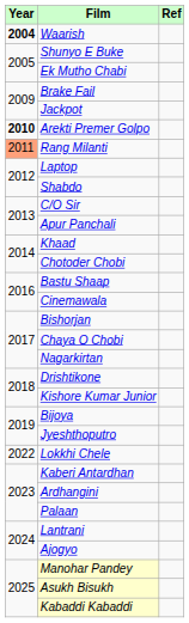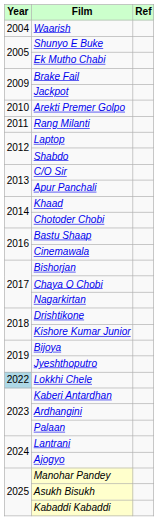 <table class="wikitable">
 <tr>
 <th style="background:#cfc; text-align:center;"><strong>Year</strong></th>
 <th style="background:#cfc; text-align:center;"><strong>Film</strong></th>
 <th style="background:#cfc; text-align:center;"><strong>Ref</strong></th>
 </tr>
 <tr>
-<td><strong>2004</strong></td>
+<td>2004</td>
 <td><em><a href='#'>Waarish</a></em></td>
 <td></td>
 </tr>
 <tr>
 <td rowspan="2">2005</td>
 <td><em><a href='#'>Shunyo E Buke</a></em></td>
 <td></td>
 </tr>
 <tr>
 <td><em><a href='#'>Ek Mutho Chabi</a></em></td>
 <td></td>
 </tr>
 <tr>
 <td rowspan="2">2009</td>
 <td><em><a href='#'>Brake Fail</a></em></td>
 <td></td>
 </tr>
 <tr>
 <td><em><a href='#'>Jackpot</a></em></td>
 <td></td>
 </tr>
 <tr>
-<td><strong>2010</strong></td>
+<td>2010</td>
 <td><em><a href='#'>Arekti Premer Golpo</a></em></td>
 <td></td>
 </tr>
 <tr>
-<td style="background: lightsalmon;">2011</td>
+<td>2011</td>
 <td><em><a href='#'>Rang Milanti</a></em></td>
 <td></td>
 </tr>
 <tr>
 <td rowspan="2">2012</td>
 <td><a href='#'><em>Laptop</em></a></td>
 <td></td>
 </tr>
 <tr>
 <td><em><a href='#'>Shabdo</a></em></td>
 <td></td>
 </tr>
 <tr>
 <td rowspan="2">2013</td>
 <td><em><a href='#'>C/O Sir</a></em></td>
 <td></td>
 </tr>
 <tr>
 <td><em><a href='#'>Apur Panchali</a></em></td>
 <td></td>
 </tr>
 <tr>
 <td rowspan="2">2014</td>
 <td><em><a href='#'>Khaad</a></em></td>
 <td></td>
 </tr>
 <tr>
 <td><em><a href='#'>Chotoder Chobi</a></em></td>
 <td></td>
 </tr>
 <tr>
 <td rowspan="2">2016</td>
 <td><em><a href='#'>Bastu Shaap</a></em></td>
 <td></td>
 </tr>
 <tr>
 <td><em><a href='#'>Cinemawala</a></em></td>
 <td></td>
 </tr>
 <tr>
 <td rowspan="3">2017</td>
 <td><em><a href='#'>Bishorjan</a></em></td>
 <td></td>
 </tr>
 <tr>
 <td><em><a href='#'>Chaya O Chobi</a></em></td>
 <td></td>
 </tr>
 <tr>
 <td><em><a href='#'>Nagarkirtan</a></em></td>
 <td></td>
 </tr>
 <tr>
 <td rowspan="2">2018</td>
 <td><em><a href='#'>Drishtikone</a></em></td>
 <td></td>
 </tr>
 <tr>
 <td><em><a href='#'>Kishore Kumar Junior</a></em></td>
 <td></td>
 </tr>
 <tr>
 <td rowspan="2">2019</td>
 <td><em><a href='#'>Bijoya</a></em></td>
 <td></td>
 </tr>
 <tr>
 <td><em><a href='#'>Jyeshthoputro</a></em></td>
 <td></td>
 </tr>
 <tr>
-<td>2022</td>
+<td style="background: lightblue;">2022</td>
 <td><em><a href='#'>Lokkhi Chele</a></em></td>
 <td></td>
 </tr>
 <tr>
 <td rowspan="3">2023</td>
 <td><em><a href='#'>Kaberi Antardhan</a></em></td>
 <td></td>
 </tr>
 <tr>
 <td><em><a href='#'>Ardhangini</a></em></td>
 <td></td>
 </tr>
 <tr>
 <td><em><a href='#'>Palaan</a></em></td>
 <td></td>
 </tr>
 <tr>
 <td rowspan="2">2024</td>
 <td><em><a href='#'>Lantrani</a></em></td>
 <td></td>
 </tr>
 <tr>
 <td><em><a href='#'>Ajogyo</a></em></td>
 <td></td>
 </tr>
 <tr>
 <td rowspan="3">2025</td>
 <td style="background:#ffc;"><em>Manohar Pandey</em></td>
 <td></td>
 </tr>
 <tr>
 <td style="background:#ffc;"><em>Asukh Bisukh</em></td>
 <td></td>
 </tr>
 <tr>
 <td style="background:#ffc;"><em>Kabaddi Kabaddi</em></td>
 <td></td>
 </tr>
 </table>
